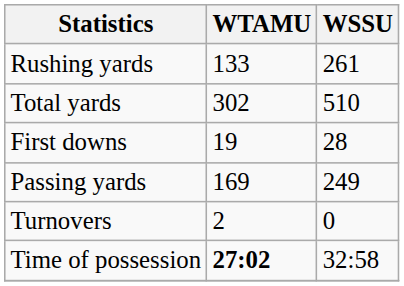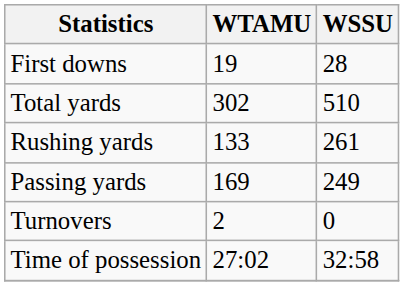 <table class="wikitable">
 <tr>
 <th>Statistics</th>
 <th>WTAMU</th>
 <th>WSSU</th>
 </tr>
 <tr>
-<td>Rushing yards</td>
-<td>133</td>
-<td>261</td>
+<td>First downs</td>
+<td>19</td>
+<td>28</td>
 </tr>
 <tr>
 <td>Total yards</td>
 <td>302</td>
 <td>510</td>
 </tr>
 <tr>
-<td>First downs</td>
-<td>19</td>
-<td>28</td>
+<td>Rushing yards</td>
+<td>133</td>
+<td>261</td>
 </tr>
 <tr>
 <td>Passing yards</td>
 <td>169</td>
 <td>249</td>
 </tr>
 <tr>
 <td>Turnovers</td>
 <td>2</td>
 <td>0</td>
 </tr>
 <tr>
 <td>Time of possession</td>
-<td><strong>27:02</strong></td>
+<td>27:02</td>
 <td>32:58</td>
 </tr>
 <tr>
 </tr>
 </table>
